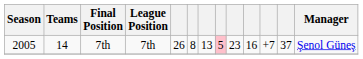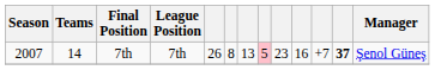 <table class="wikitable" style="text-align:center">
 <tr>
 <th>Season</th>
 <th>Teams</th>
 <th>Final<br>Position</th>
 <th>League<br>Position</th>
 <th></th>
 <th></th>
 <th></th>
 <th></th>
 <th></th>
 <th></th>
 <th></th>
 <th></th>
 <th>Manager</th>
 </tr>
 <tr>
-<td>2005</td>
+<td>2007</td>
 <td>14</td>
 <td>7th</td>
 <td>7th</td>
 <td>26</td>
 <td>8</td>
 <td>13</td>
 <td style="background: pink;">5</td>
 <td>23</td>
 <td>16</td>
 <td align=right>+7</td>
-<td>37</td>
+<td><strong>37</strong></td>
 <td align=left> <a href='#'>Şenol Güneş</a></td>
 </tr>
 <tr>
 </tr>
 </table>
